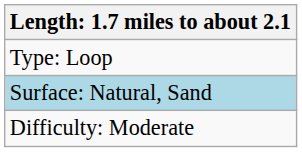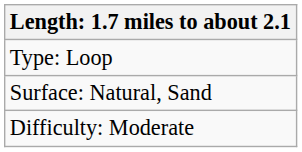 <table class="wikitable">
 <tr>
 <th>Length:  1.7 miles to about 2.1</th>
 </tr>
 <tr>
 <td>Type:  Loop</td>
 </tr>
 <tr>
-<td style="background: lightblue;">Surface:  Natural, Sand</td>
+<td>Surface:  Natural, Sand</td>
 </tr>
 <tr>
 <td>Difficulty:  Moderate</td>
 </tr>
 </table>
